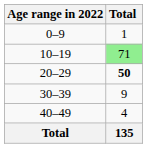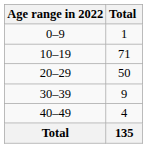 <table class="sortable wikitable" style="text-align:center">
 <tr>
 <th>Age range in 2022</th>
 <th>Total </th>
 </tr>
 <tr>
 <td>0–9</td>
 <td>1</td>
 </tr>
 <tr>
 <td>10–19</td>
-<td style="background: lightgreen;">71</td>
+<td>71</td>
 </tr>
 <tr>
 <td>20–29</td>
-<td><strong>50</strong></td>
+<td>50</td>
 </tr>
 <tr>
 <td>30–39</td>
 <td>9</td>
 </tr>
 <tr>
 <td>40–49</td>
 <td>4</td>
 </tr>
 <tr class="sortbottom">
 <th>Total</th>
 <th>135</th>
 </tr>
 </table>
